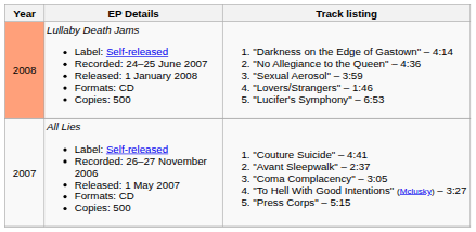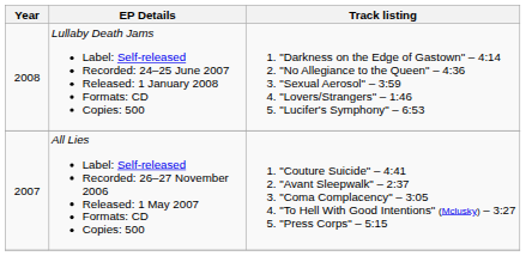 <table class="wikitable" style="font-size:95%">
 <tr>
 <th width="50">Year</th>
 <th width="250">EP Details</th>
 <th width="350">Track listing</th>
 </tr>
 <tr>
-<td align="center" style="background: lightsalmon;">2008</td>
+<td align="center">2008</td>
 <td><em>Lullaby Death Jams</em><br><ul><li>Label: <a href='#'>Self-released</a></li><li>Recorded: 24–25 June 2007</li><li>Released: 1 January 2008</li><li>Formats: CD</li><li>Copies: 500</li></ul></td>
 <td><br><ol><li>"Darkness on the Edge of Gastown" – 4:14</li><li>"No Allegiance to the Queen" – 4:36</li><li>"Sexual Aerosol" – 3:59</li><li>"Lovers/Strangers" – 1:46</li><li>"Lucifer's Symphony" – 6:53</li></ol></td>
 </tr>
 <tr>
 </tr>
 <tr>
 <td align="center">2007</td>
 <td><em>All Lies</em><br><ul><li>Label: <a href='#'>Self-released</a></li><li>Recorded: 26–27 November 2006</li><li>Released: 1 May 2007</li><li>Formats: CD</li><li>Copies: 500</li></ul></td>
 <td><br><ol><li>"Couture Suicide" – 4:41</li><li>"Avant Sleepwalk" – 2:37</li><li>"Coma Complacency" – 3:05</li><li>"To Hell With Good Intentions" <small>(<a href='#'>Mclusky</a>)</small> – 3:27</li><li>"Press Corps" – 5:15</li></ol></td>
 </tr>
 <tr>
 </tr>
 </table>
